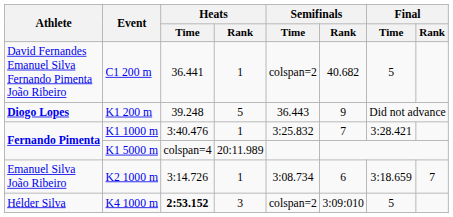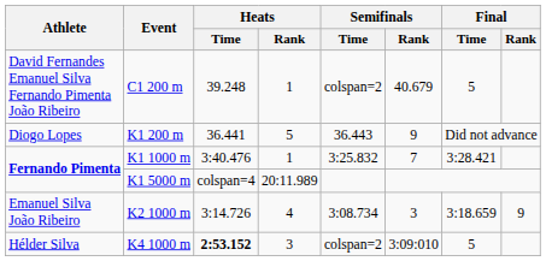 <table class=wikitable style="font-size:90%; text-align:center;">
 <tr>
 <th rowspan=2>Athlete</th>
 <th rowspan=2>Event</th>
 <th colspan=2>Heats</th>
 <th colspan=2>Semifinals</th>
 <th colspan=2>Final</th>
 </tr>
 <tr style="font-size:95%">
 <th>Time</th>
 <th>Rank</th>
 <th>Time</th>
 <th>Rank</th>
 <th>Time</th>
 <th>Rank</th>
 </tr>
 <tr>
 <td align=left><a href='#'>David Fernandes</a><br><a href='#'>Emanuel Silva</a><br><a href='#'>Fernando Pimenta</a><br><a href='#'>João Ribeiro</a></td>
 <td align=left><a href='#'>C1 200 m</a></td>
-<td>36.441</td>
+<td>39.248</td>
 <td>1 <strong></strong></td>
 <td>colspan=2 </td>
-<td>40.682</td>
+<td>40.679</td>
 <td>5</td>
 </tr>
 <tr>
-<td align=left><strong><a href='#'>Diogo Lopes</a></strong></td>
+<td align=left><a href='#'>Diogo Lopes</a></td>
 <td align=left><a href='#'>K1 200 m</a></td>
-<td>39.248</td>
+<td>36.441</td>
 <td>5 <strong></strong></td>
 <td>36.443</td>
 <td>9</td>
 <td colspan=2>Did not advance</td>
 </tr>
 <tr>
 <td rowspan=2 align=left><strong><a href='#'>Fernando Pimenta</a></strong></td>
 <td align=left><a href='#'>K1 1000 m</a></td>
 <td>3:40.476</td>
 <td>1 <strong></strong></td>
 <td>3:25.832</td>
 <td>7 <strong></strong></td>
 <td>3:28.421</td>
 <td></td>
 </tr>
 <tr>
 <td align=left><a href='#'>K1 5000 m</a></td>
 <td>colspan=4 </td>
 <td>20:11.989</td>
 <td></td>
 </tr>
 <tr>
 <td align=left><a href='#'>Emanuel Silva</a><br><a href='#'>João Ribeiro</a></td>
 <td align=left><a href='#'>K2 1000 m</a></td>
 <td>3:14.726</td>
-<td>1 <strong></strong></td>
+<td>4 <strong></strong></td>
 <td>3:08.734</td>
-<td>6 <strong></strong></td>
+<td>3 <strong></strong></td>
 <td>3:18.659</td>
-<td>7</td>
+<td>9</td>
 </tr>
 <tr>
 <td align=left><a href='#'>Hélder Silva</a></td>
 <td align=left><a href='#'>K4 1000 m</a></td>
 <td><strong>2:53.152</strong></td>
 <td>3 <strong></strong></td>
 <td>colspan=2 </td>
 <td>3:09:010</td>
 <td>5</td>
 </tr>
 </table>
